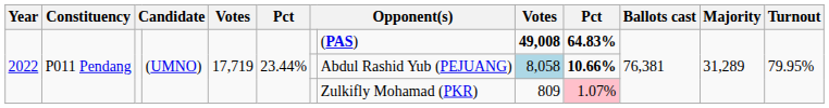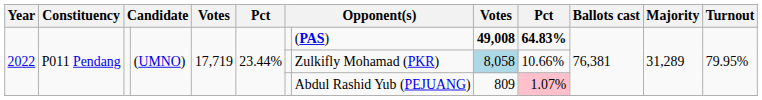 <table class="wikitable" style="margin:0.5em ; font-size:95%">
 <tr>
 <th>Year</th>
 <th>Constituency</th>
 <th colspan=2>Candidate</th>
 <th>Votes</th>
 <th>Pct</th>
 <th colspan=2>Opponent(s)</th>
 <th>Votes</th>
 <th>Pct</th>
 <th>Ballots cast</th>
 <th>Majority</th>
 <th>Turnout</th>
 </tr>
 <tr>
 <td rowspan="3"><a href='#'>2022</a></td>
 <td rowspan="3">P011 <a href='#'>Pendang</a></td>
 <td rowspan="3" ></td>
 <td rowspan="3"> (<a href='#'>UMNO</a>)</td>
 <td rowspan="3" align="right">17,719</td>
 <td rowspan="3">23.44%</td>
 <td bgcolor=></td>
 <td> (<a href='#'><strong>PAS</strong></a>)</td>
 <td align="right"><strong>49,008</strong></td>
 <td><strong>64.83%</strong></td>
 <td rowspan="3">76,381</td>
 <td rowspan="3">31,289</td>
 <td rowspan="3">79.95%</td>
 </tr>
 <tr>
 <td></td>
-<td>Abdul Rashid Yub (<a href='#'>PEJUANG</a>)</td>
+<td>Zulkifly Mohamad (<a href='#'>PKR</a>)</td>
 <td align="right" style="background: lightblue;">8,058</td>
-<td><strong>10.66%</strong></td>
+<td>10.66%</td>
 </tr>
 <tr>
 <td bgcolor=></td>
-<td>Zulkifly Mohamad (<a href='#'>PKR</a>)</td>
+<td>Abdul Rashid Yub (<a href='#'>PEJUANG</a>)</td>
 <td align="right">809</td>
 <td align=right style="background: pink;">1.07%</td>
 </tr>
 </table>
